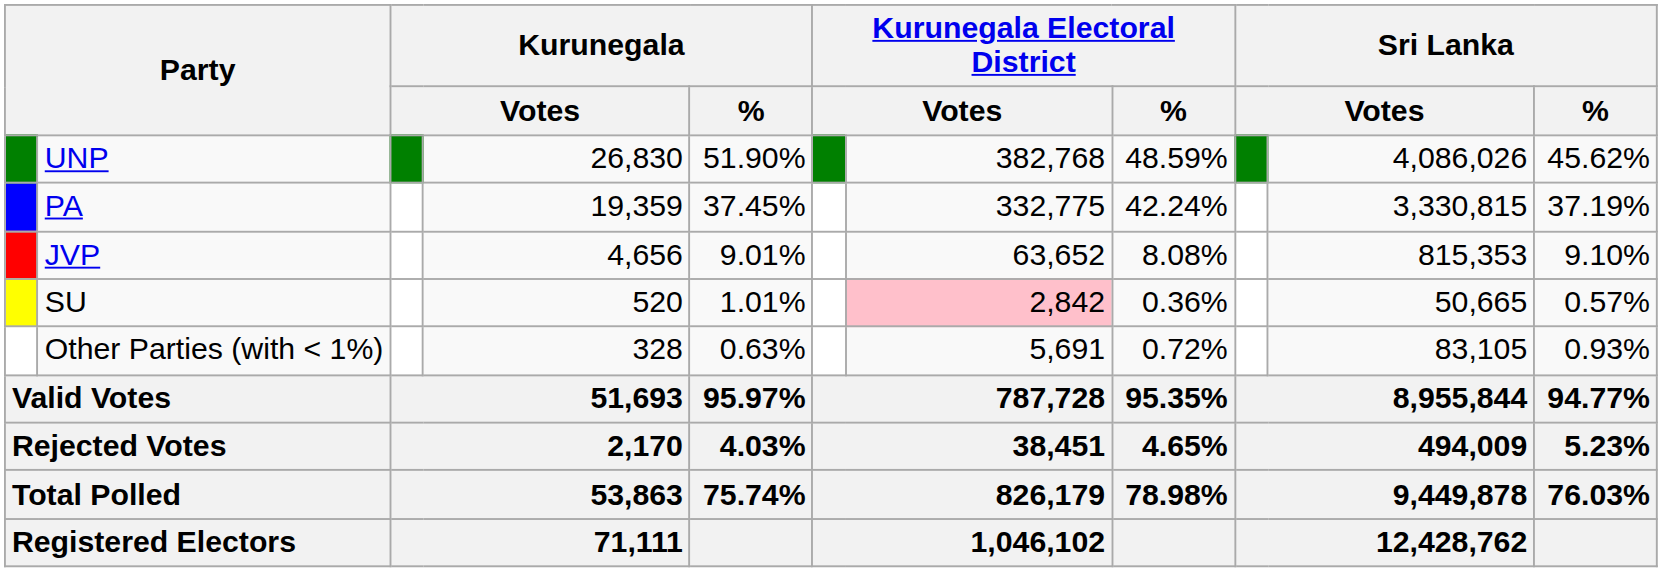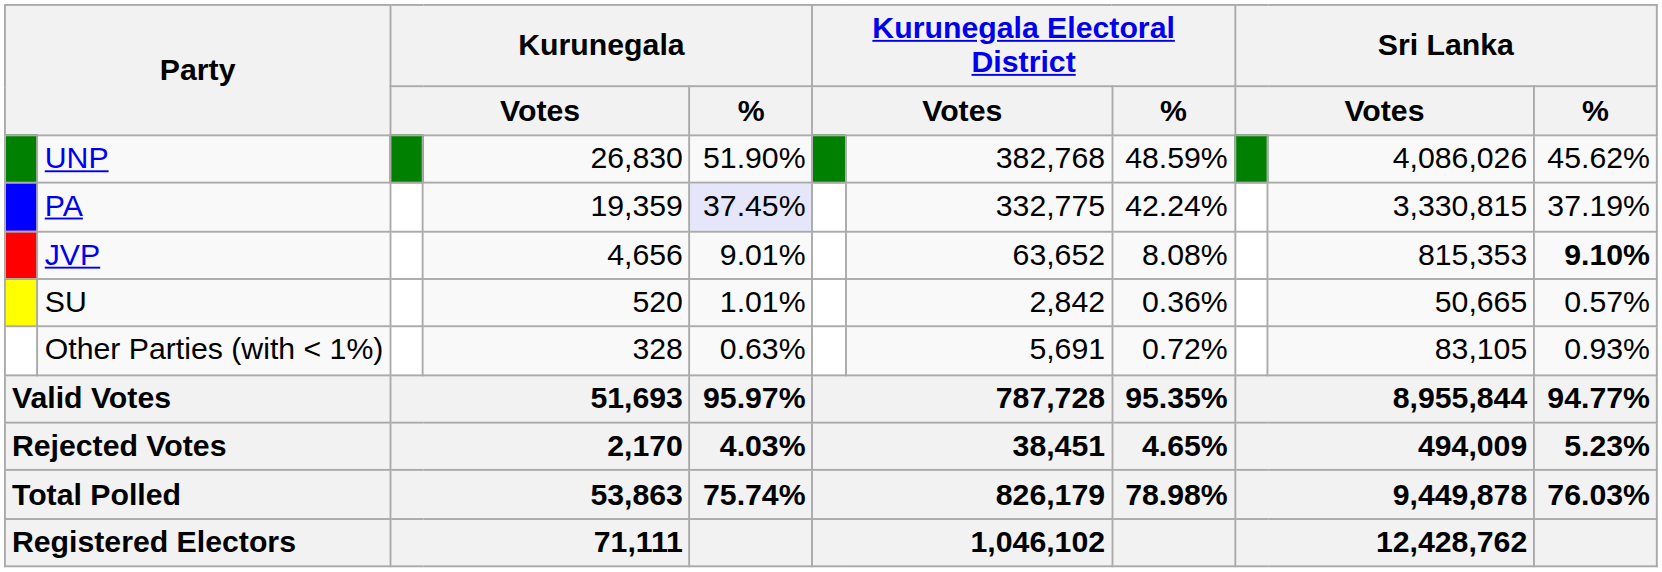 <table class="wikitable">
 <tr>
 <th colspan="2" width="144px"rowspan="2">Party</th>
 <th colspan="3" width="216px">Kurunegala</th>
 <th colspan="3" width="216px"><a href='#'>Kurunegala Electoral District</a></th>
 <th colspan="3" width="216px">Sri Lanka</th>
 </tr>
 <tr>
 <th colspan="2" width="144px">Votes</th>
 <th>%</th>
 <th colspan="2" width="144px">Votes</th>
 <th>%</th>
 <th colspan="2" width="144px">Votes</th>
 <th>%</th>
 </tr>
 <tr>
 <td style="background-color:green;" width="10px"></td>
 <td style="text-align:left;"><a href='#'>UNP</a></td>
 <td style="background-color:green;" width="10px"></td>
 <td style="text-align:right;">26,830</td>
 <td style="text-align:right;">51.90%</td>
 <td style="background-color:green;" width="10px"></td>
 <td style="text-align:right;">382,768</td>
 <td style="text-align:right;">48.59%</td>
 <td style="background-color:green;" width="10px"></td>
 <td style="text-align:right;">4,086,026</td>
 <td style="text-align:right;">45.62%</td>
 </tr>
 <tr>
 <td style="background-color:blue;" width="10px"></td>
 <td style="text-align:left;"><a href='#'>PA</a></td>
 <td style="background-color:white;" width="10px"></td>
 <td style="text-align:right;">19,359</td>
-<td style="text-align:right;">37.45%</td>
+<td style="background: lavender; text-align:right;">37.45%</td>
 <td style="background-color:white;" width="10px"></td>
 <td style="text-align:right;">332,775</td>
 <td style="text-align:right;">42.24%</td>
 <td style="background-color:white;" width="10px"></td>
 <td style="text-align:right;">3,330,815</td>
 <td style="text-align:right;">37.19%</td>
 </tr>
 <tr>
 <td style="background-color:red;" width="10px"></td>
 <td style="text-align:left;"><a href='#'>JVP</a></td>
 <td style="background-color:white;" width="10px"></td>
 <td style="text-align:right;">4,656</td>
 <td style="text-align:right;">9.01%</td>
 <td style="background-color:white;" width="10px"></td>
 <td style="text-align:right;">63,652</td>
 <td style="text-align:right;">8.08%</td>
 <td style="background-color:white;" width="10px"></td>
 <td style="text-align:right;">815,353</td>
-<td style="text-align:right;">9.10%</td>
+<td style="text-align:right;"><strong>9.10%</strong></td>
 </tr>
 <tr>
 <td style="background-color:yellow;" width="10px"></td>
 <td style="text-align:left;">SU</td>
 <td style="background-color:white;" width="10px"></td>
 <td style="text-align:right;">520</td>
 <td style="text-align:right;">1.01%</td>
 <td style="background-color:white;" width="10px"></td>
-<td style="background: pink; text-align:right;">2,842</td>
+<td style="text-align:right;">2,842</td>
 <td style="text-align:right;">0.36%</td>
 <td style="background-color:white;" width="10px"></td>
 <td style="text-align:right;">50,665</td>
 <td style="text-align:right;">0.57%</td>
 </tr>
 <tr>
 <td style="background-color:white;" width="10px"></td>
 <td style="text-align:left;">Other Parties (with < 1%)</td>
 <td style="background-color:white;" width="10px"></td>
 <td style="text-align:right;">328</td>
 <td style="text-align:right;">0.63%</td>
 <td style="background-color:white;" width="10px"></td>
 <td style="text-align:right;">5,691</td>
 <td style="text-align:right;">0.72%</td>
 <td style="background-color:white;" width="10px"></td>
 <td style="text-align:right;">83,105</td>
 <td style="text-align:right;">0.93%</td>
 </tr>
 <tr>
 <th colspan="2" width="144px"style="text-align:left;">Valid Votes</th>
 <th style="text-align:right;"colspan="2" width="144px">51,693</th>
 <th style="text-align:right;">95.97%</th>
 <th style="text-align:right;"colspan="2" width="144px">787,728</th>
 <th style="text-align:right;">95.35%</th>
 <th style="text-align:right;"colspan="2" width="144px">8,955,844</th>
 <th style="text-align:right;">94.77%</th>
 </tr>
 <tr>
 <th colspan="2" width="144px"style="text-align:left;">Rejected Votes</th>
 <th style="text-align:right;"colspan="2" width="144px">2,170</th>
 <th style="text-align:right;">4.03%</th>
 <th style="text-align:right;"colspan="2" width="144px">38,451</th>
 <th style="text-align:right;">4.65%</th>
 <th style="text-align:right;"colspan="2" width="144px">494,009</th>
 <th style="text-align:right;">5.23%</th>
 </tr>
 <tr>
 <th colspan="2" width="144px"style="text-align:left;">Total Polled</th>
 <th style="text-align:right;"colspan="2" width="144px">53,863</th>
 <th style="text-align:right;">75.74%</th>
 <th style="text-align:right;"colspan="2" width="144px">826,179</th>
 <th style="text-align:right;">78.98%</th>
 <th style="text-align:right;"colspan="2" width="144px">9,449,878</th>
 <th style="text-align:right;">76.03%</th>
 </tr>
 <tr>
 <th colspan="2" width="144px"style="text-align:left;">Registered Electors</th>
 <th style="text-align:right;"colspan="2" width="144px">71,111</th>
 <th></th>
 <th style="text-align:right;"colspan="2" width="144px">1,046,102</th>
 <th></th>
 <th style="text-align:right;"colspan="2" width="144px">12,428,762</th>
 <th></th>
 </tr>
 </table>
